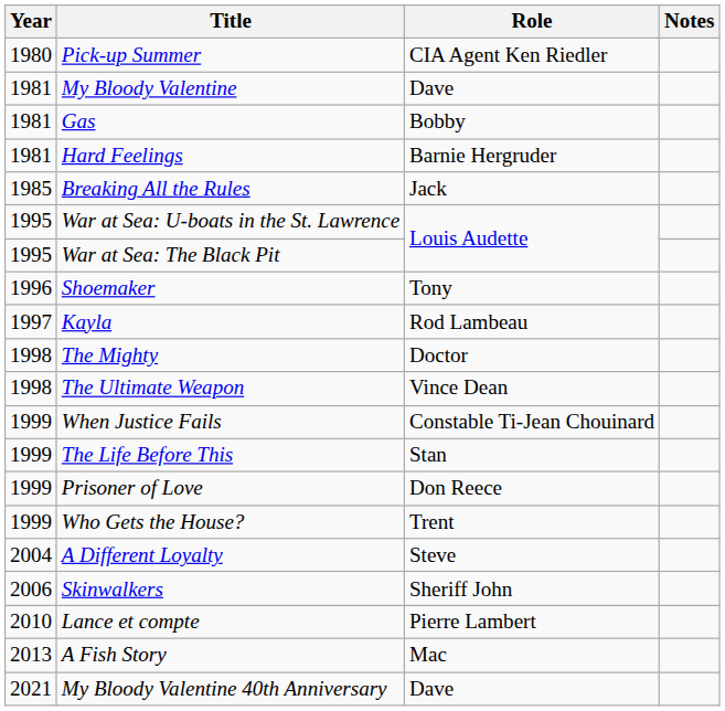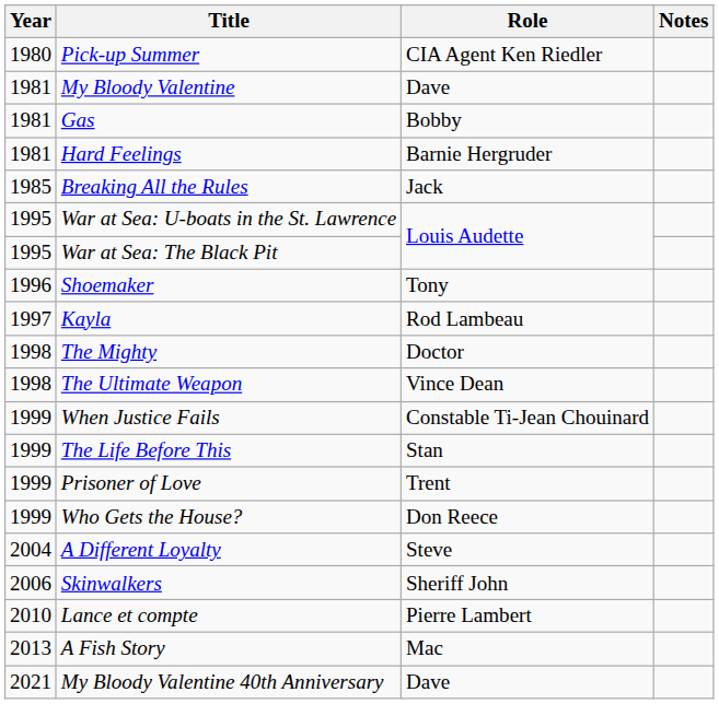 <table class="wikitable sortable">
 <tr>
 <th>Year</th>
 <th>Title</th>
 <th>Role</th>
 <th>Notes</th>
 </tr>
 <tr>
 <td>1980</td>
 <td><em><a href='#'>Pick-up Summer</a></em></td>
 <td>CIA Agent Ken Riedler</td>
 <td></td>
 </tr>
 <tr>
 <td>1981</td>
 <td><a href='#'><em>My Bloody Valentine</em></a></td>
 <td>Dave</td>
 <td></td>
 </tr>
 <tr>
 <td>1981</td>
 <td><a href='#'><em>Gas</em></a></td>
 <td>Bobby</td>
 <td></td>
 </tr>
 <tr>
 <td>1981</td>
 <td><a href='#'><em>Hard Feelings</em></a></td>
 <td>Barnie Hergruder</td>
 <td></td>
 </tr>
 <tr>
 <td>1985</td>
 <td><a href='#'><em>Breaking All the Rules</em></a></td>
 <td>Jack</td>
 <td></td>
 </tr>
 <tr>
 <td>1995</td>
 <td><em>War at Sea: U-boats in the St. Lawrence</em></td>
 <td rowspan="2"><a href='#'>Louis Audette</a></td>
 <td></td>
 </tr>
 <tr>
 <td>1995</td>
 <td><em>War at Sea: The Black Pit</em></td>
 <td></td>
 </tr>
 <tr>
 <td>1996</td>
 <td><a href='#'><em>Shoemaker</em></a></td>
 <td>Tony</td>
 <td></td>
 </tr>
 <tr>
 <td>1997</td>
 <td><em><a href='#'>Kayla</a></em></td>
 <td>Rod Lambeau</td>
 <td></td>
 </tr>
 <tr>
 <td>1998</td>
 <td><em><a href='#'>The Mighty</a></em></td>
 <td>Doctor</td>
 <td></td>
 </tr>
 <tr>
 <td>1998</td>
 <td><em><a href='#'>The Ultimate Weapon</a></em></td>
 <td>Vince Dean</td>
 <td></td>
 </tr>
 <tr>
 <td>1999</td>
 <td><em>When Justice Fails</em></td>
 <td>Constable Ti-Jean Chouinard</td>
 <td></td>
 </tr>
 <tr>
 <td>1999</td>
 <td><em><a href='#'>The Life Before This</a></em></td>
 <td>Stan</td>
 <td></td>
 </tr>
 <tr>
 <td>1999</td>
 <td><em>Prisoner of Love</em></td>
-<td>Don Reece</td>
+<td>Trent</td>
 <td></td>
 </tr>
 <tr>
 <td>1999</td>
 <td><em>Who Gets the House?</em></td>
-<td>Trent</td>
+<td>Don Reece</td>
 <td></td>
 </tr>
 <tr>
 <td>2004</td>
 <td><em><a href='#'>A Different Loyalty</a></em></td>
 <td>Steve</td>
 <td></td>
 </tr>
 <tr>
 <td>2006</td>
 <td><a href='#'><em>Skinwalkers</em></a></td>
 <td>Sheriff John</td>
 <td></td>
 </tr>
 <tr>
 <td>2010</td>
 <td><em>Lance et compte</em></td>
 <td>Pierre Lambert</td>
 <td></td>
 </tr>
 <tr>
 <td>2013</td>
 <td><em>A Fish Story</em></td>
 <td>Mac</td>
 <td></td>
 </tr>
 <tr>
 <td>2021</td>
 <td><em>My Bloody Valentine 40th Anniversary</em></td>
 <td>Dave</td>
 <td></td>
 </tr>
 </table>
